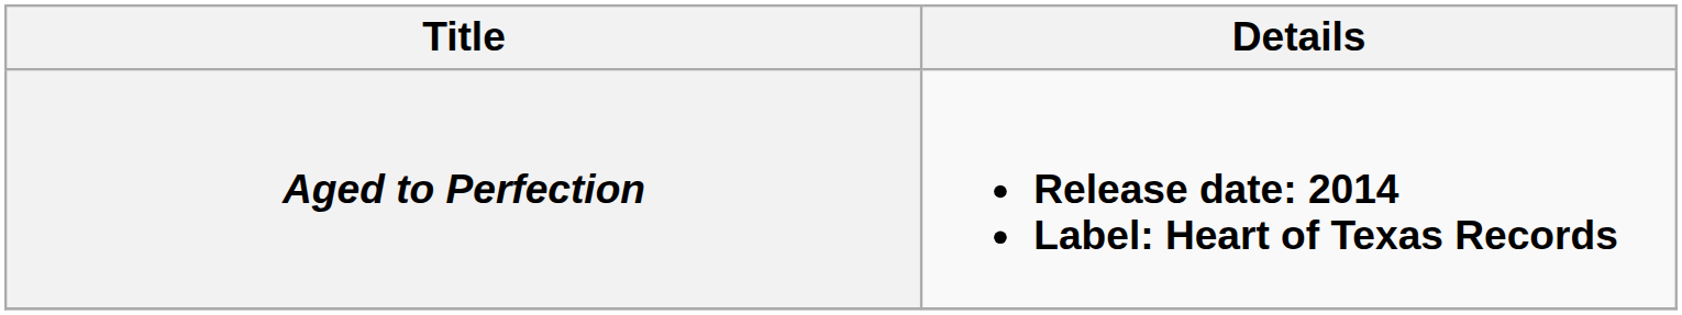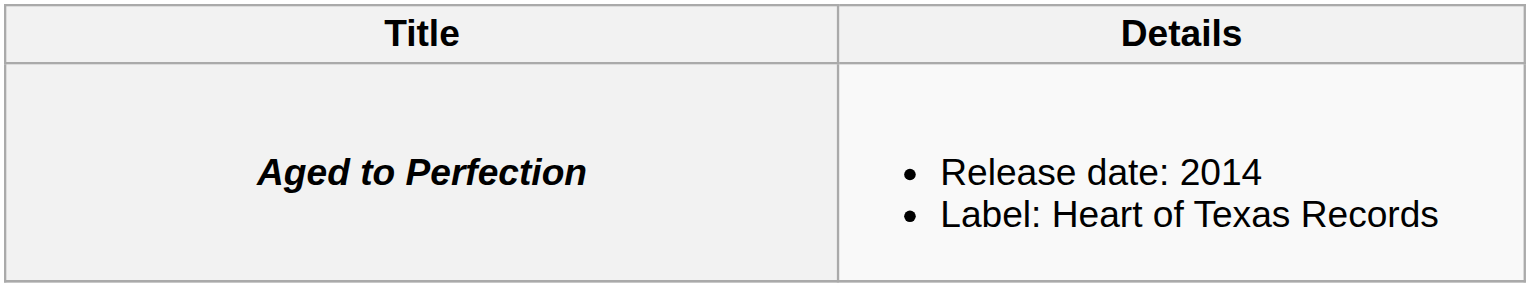 <table class="wikitable plainrowheaders">
 <tr>
 <th style="width:22em;">Title</th>
 <th style="width:18em;">Details</th>
 </tr>
 <tr>
 <th scope="row"><em>Aged to Perfection</em></th>
-<td><strong><br><ul><li>Release date: 2014</li><li>Label: Heart of Texas Records</li></ul></strong></td>
+<td><br><ul><li>Release date: 2014</li><li>Label: Heart of Texas Records</li></ul></td>
 </tr>
 <tr>
 </tr>
 </table>
